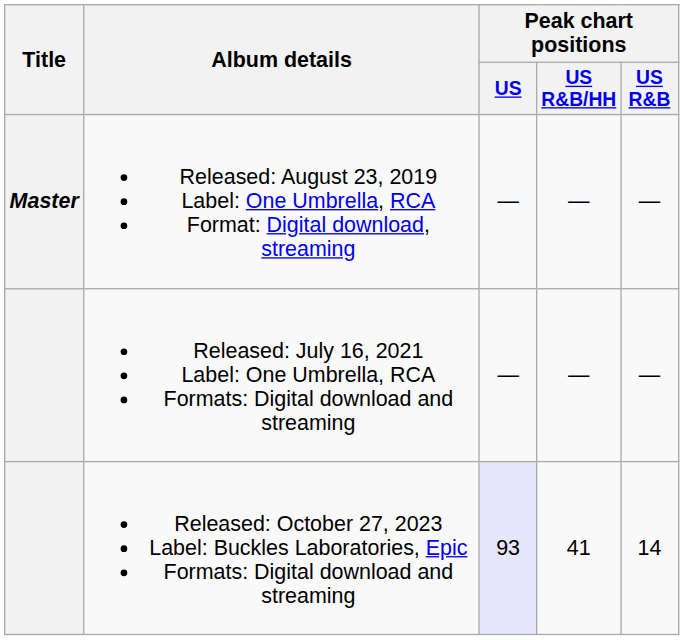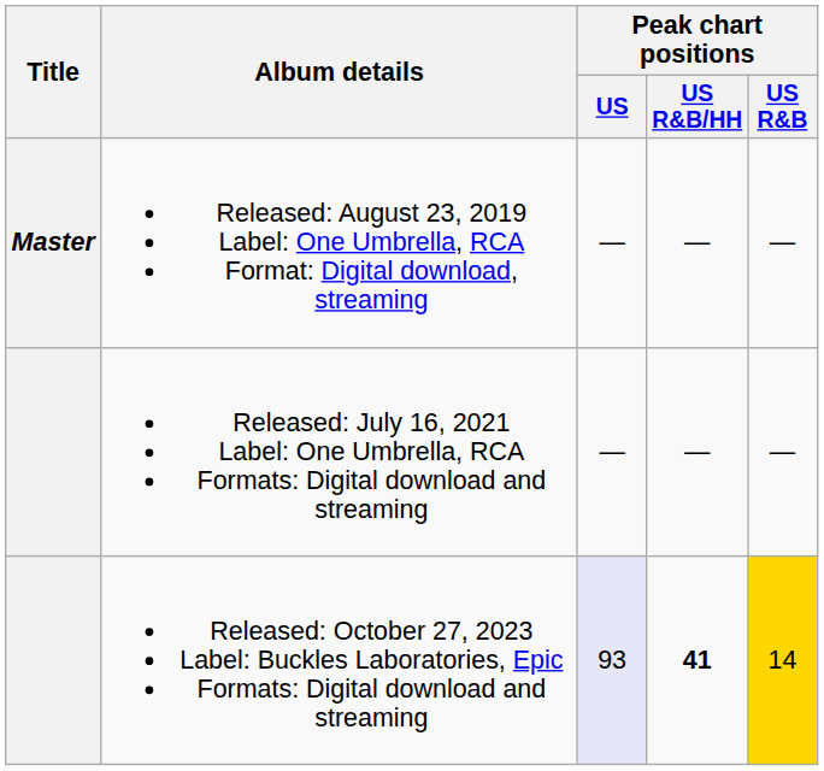 <table class="wikitable plainrowheaders" style="text-align:center;">
 <tr>
 <th scope="col" rowspan="2">Title</th>
 <th scope="col" rowspan="2" style="width:18em;">Album details</th>
 <th scope="col" colspan="3">Peak chart positions</th>
 </tr>
 <tr>
 <th scope="col" style="width:2.5em;font-size:90%"><a href='#'>US</a><br></th>
 <th scope="col" style="width:2.5em;font-size:90%"><a href='#'>US<br>R&B/HH</a><br></th>
 <th scope="col" style="width:2.5em;font-size:90%"><a href='#'>US<br>R&B</a><br></th>
 </tr>
 <tr>
 <th scope="row"><em>Master</em></th>
 <td><br><ul><li>Released: August 23, 2019</li><li>Label: <a href='#'>One Umbrella</a>, <a href='#'>RCA</a></li><li>Format: <a href='#'>Digital download</a>, <a href='#'>streaming</a></li></ul></td>
 <td>—</td>
 <td>—</td>
 <td>—</td>
 </tr>
 <tr>
 <th scope="row"></th>
 <td><br><ul><li>Released: July 16, 2021</li><li>Label: One Umbrella, RCA</li><li>Formats: Digital download and streaming</li></ul></td>
 <td>—</td>
 <td>—</td>
 <td>—</td>
 </tr>
 <tr>
 <th scope="row"></th>
 <td><br><ul><li>Released: October 27, 2023</li><li>Label: Buckles Laboratories, <a href='#'>Epic</a></li><li>Formats: Digital download and streaming</li></ul></td>
 <td style="background: lavender;">93</td>
-<td>41</td>
-<td>14</td>
+<td><strong>41</strong></td>
+<td style="background: gold;">14</td>
 </tr>
 </table>
